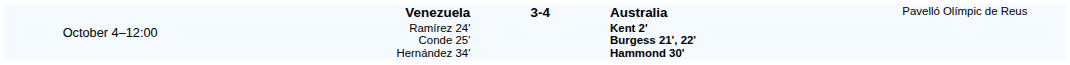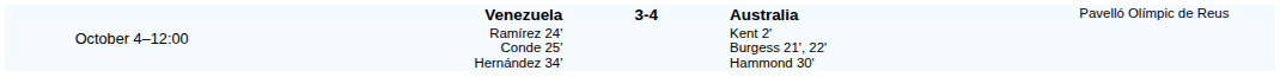 <table style="width: 100%; background:#F5FAFF;" cellspacing="0">
 <tr>
 <td style=font-size:95% align=center rowspan=3 width=20%>October 4–12:00</td>
 </tr>
 <tr>
 <td width=24% align=right><strong>Venezuela</strong></td>
 <td align=center width=13%><strong>3-4</strong></td>
 <td width=24%><strong>Australia</strong></td>
 <td style=font-size:85% rowspan=3 valign=top align=center>Pavelló Olímpic de Reus</td>
 </tr>
 <tr style=font-size:85%>
 <td align=right valign=top>Ramírez 24'<br>Conde 25'<br>Hernández 34'</td>
 <td></td>
-<td valign=top><strong>Kent 2'<br>Burgess 21', 22'<br>Hammond 30'</strong></td>
+<td valign=top>Kent 2'<br>Burgess 21', 22'<br>Hammond 30'</td>
 </tr>
 </table>
